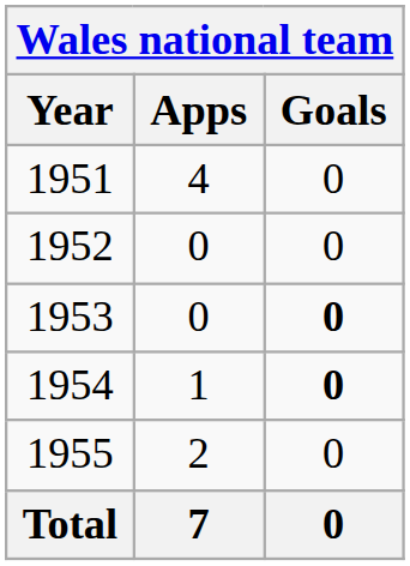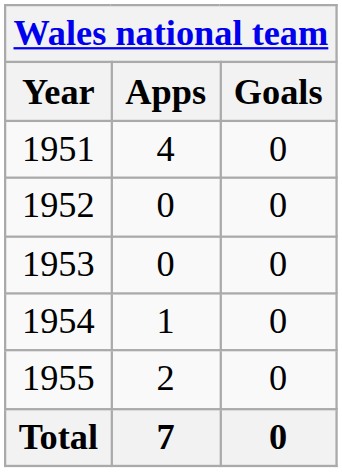 <table class="wikitable" style="text-align:center">
 <tr>
 <th colspan=3><a href='#'>Wales national team</a></th>
 </tr>
 <tr>
 <th>Year</th>
 <th>Apps</th>
 <th>Goals</th>
 </tr>
 <tr>
 <td>1951</td>
 <td>4</td>
 <td>0</td>
 </tr>
 <tr>
 <td>1952</td>
 <td>0</td>
 <td>0</td>
 </tr>
 <tr>
 <td>1953</td>
 <td>0</td>
-<td><strong>0</strong></td>
+<td>0</td>
 </tr>
 <tr>
 <td>1954</td>
 <td>1</td>
-<td><strong>0</strong></td>
+<td>0</td>
 </tr>
 <tr>
 <td>1955</td>
 <td>2</td>
 <td>0</td>
 </tr>
 <tr>
 <th>Total</th>
 <th>7</th>
 <th>0</th>
 </tr>
 </table>
